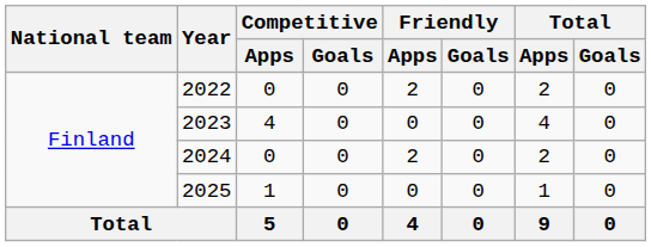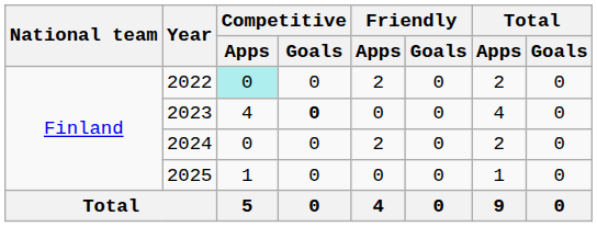 <table class="wikitable" style="text-align:center">
 <tr>
 <th rowspan="2">National team</th>
 <th rowspan="2">Year</th>
 <th colspan="2">Competitive</th>
 <th colspan="2">Friendly</th>
 <th colspan="2">Total</th>
 </tr>
 <tr>
 <th>Apps</th>
 <th>Goals</th>
 <th>Apps</th>
 <th>Goals</th>
 <th>Apps</th>
 <th>Goals</th>
 </tr>
 <tr>
 <td rowspan=4><a href='#'>Finland</a></td>
 <td>2022</td>
-<td>0</td>
+<td style="background: paleturquoise;">0</td>
 <td>0</td>
 <td>2</td>
 <td>0</td>
 <td>2</td>
 <td>0</td>
 </tr>
 <tr>
 <td>2023</td>
 <td>4</td>
-<td>0</td>
+<td><strong>0</strong></td>
 <td>0</td>
 <td>0</td>
 <td>4</td>
 <td>0</td>
 </tr>
 <tr>
 <td>2024</td>
 <td>0</td>
 <td>0</td>
 <td>2</td>
 <td>0</td>
 <td>2</td>
 <td>0</td>
 </tr>
 <tr>
 <td>2025</td>
 <td>1</td>
 <td>0</td>
 <td>0</td>
 <td>0</td>
 <td>1</td>
 <td>0</td>
 </tr>
 <tr>
 <th colspan=2>Total</th>
 <th>5</th>
 <th>0</th>
 <th>4</th>
 <th>0</th>
 <th>9</th>
 <th>0</th>
 </tr>
 </table>
